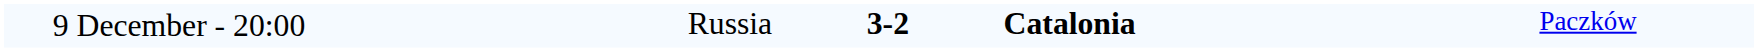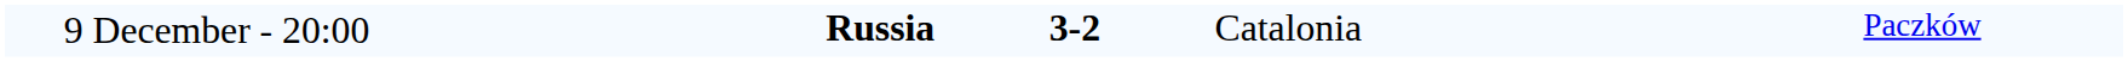 <table style="width: 100%; background:#F5FAFF;" cellspacing="0">
 <tr>
 <td align=center rowspan=3 width=20%>9 December - 20:00</td>
 </tr>
 <tr>
-<td width=24% align=right>Russia</td>
+<td width=24% align=right><strong>Russia</strong></td>
 <td align=center width=13%><strong>3-2</strong></td>
-<td width=24%><strong>Catalonia</strong></td>
+<td width=24%>Catalonia</td>
 <td style=font-size:85% rowspan=3 valign=top align=center><a href='#'>Paczków</a></td>
 </tr>
 <tr style=font-size:85%>
 <td align=right valign=top></td>
 <td></td>
 <td></td>
 </tr>
 </table>
